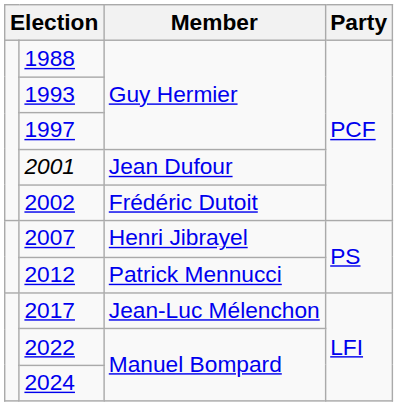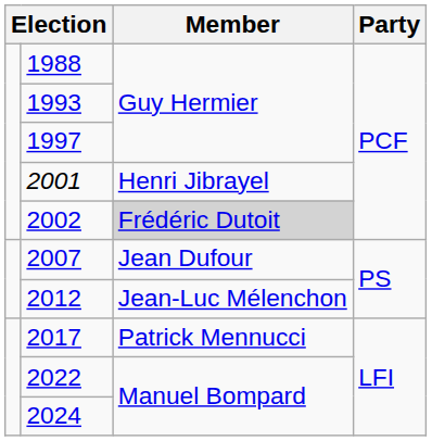 <table class="wikitable">
 <tr>
 <th colspan="2">Election</th>
 <th>Member</th>
 <th>Party</th>
 </tr>
 <tr>
 <td rowspan="5" style="color:inherit;background:"></td>
 <td><a href='#'>1988</a></td>
 <td rowspan="3"><a href='#'>Guy Hermier</a></td>
 <td rowspan="5"><a href='#'>PCF</a></td>
 </tr>
 <tr>
 <td><a href='#'>1993</a></td>
 </tr>
 <tr>
 <td><a href='#'>1997</a></td>
 </tr>
 <tr>
 <td><em>2001</em></td>
-<td><a href='#'>Jean Dufour</a></td>
+<td><a href='#'>Henri Jibrayel</a></td>
 </tr>
 <tr>
 <td><a href='#'>2002</a></td>
-<td><a href='#'>Frédéric Dutoit</a></td>
+<td style="background: lightgrey;"><a href='#'>Frédéric Dutoit</a></td>
 </tr>
 <tr>
 <td rowspan="2" style="color:inherit;background:"></td>
 <td><a href='#'>2007</a></td>
-<td><a href='#'>Henri Jibrayel</a></td>
+<td><a href='#'>Jean Dufour</a></td>
 <td rowspan="2"><a href='#'>PS</a></td>
 </tr>
 <tr>
 <td><a href='#'>2012</a></td>
-<td><a href='#'>Patrick Mennucci</a></td>
+<td><a href='#'>Jean-Luc Mélenchon</a></td>
 </tr>
 <tr>
 <td rowspan="3" style="color:inherit;background:"></td>
 <td><a href='#'>2017</a></td>
-<td><a href='#'>Jean-Luc Mélenchon</a></td>
+<td><a href='#'>Patrick Mennucci</a></td>
 <td rowspan="3"><a href='#'>LFI</a></td>
 </tr>
 <tr>
 <td><a href='#'>2022</a></td>
 <td rowspan="2"><a href='#'>Manuel Bompard</a></td>
 </tr>
 <tr>
 <td><a href='#'>2024</a></td>
 </tr>
 </table>
